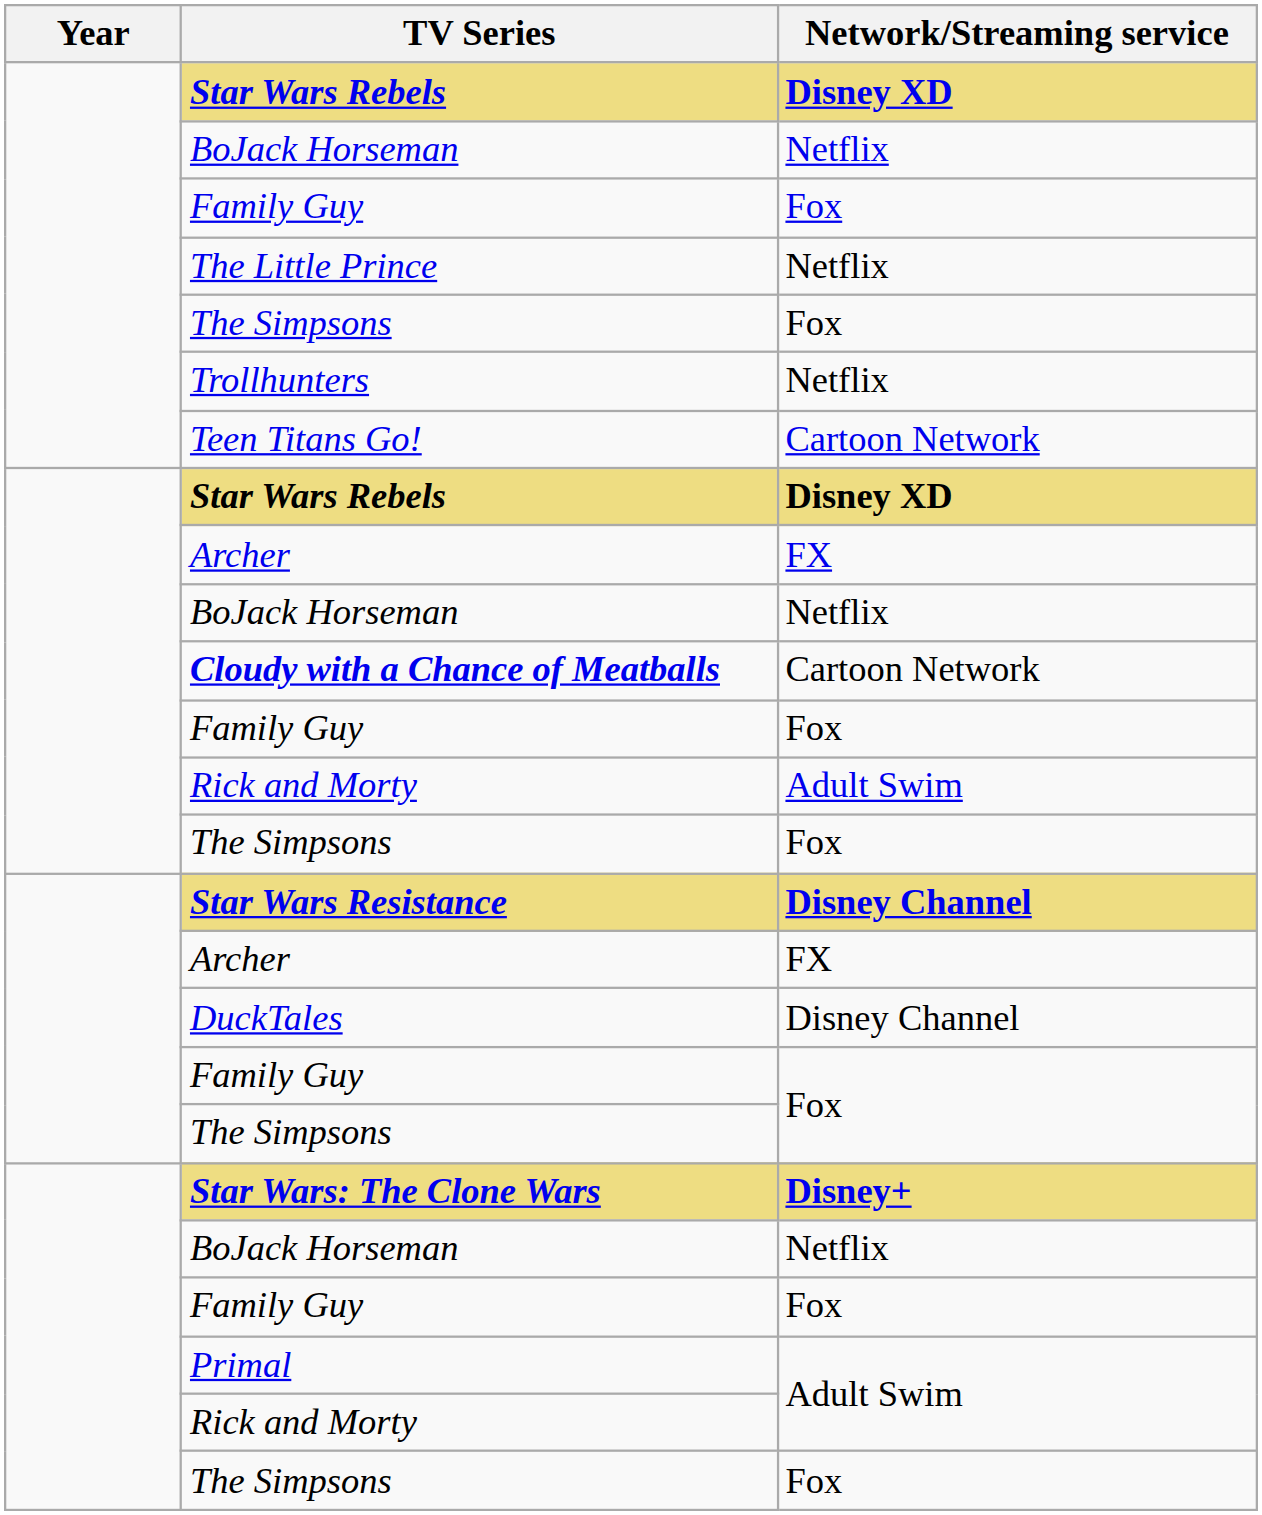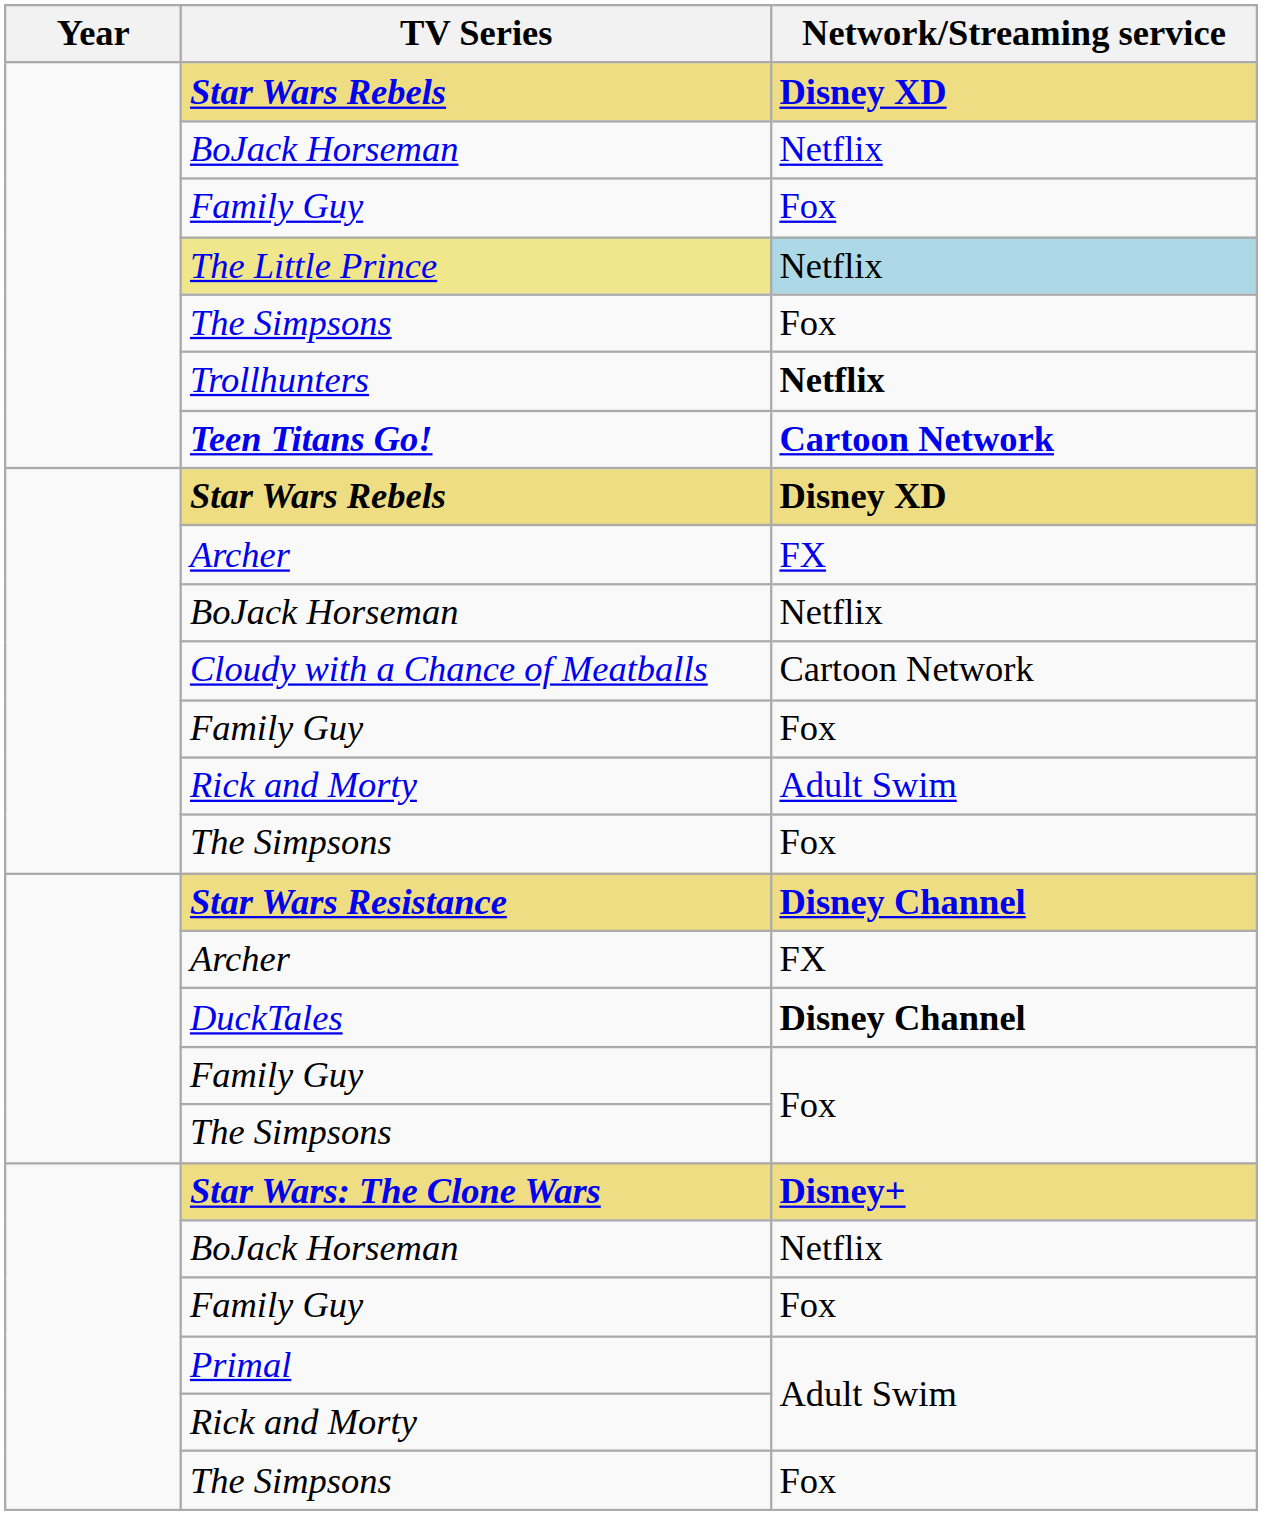 <table class="wikitable" style="width:550px;" cellpadding="5">
 <tr>
 <th style="width:70px;">Year</th>
 <th>TV Series</th>
 <th>Network/Streaming service</th>
 </tr>
 <tr>
 <td rowspan="7"></td>
 <td style="background:#EEDD82"><strong><em><a href='#'>Star Wars Rebels</a></em></strong></td>
 <td style="background:#EEDD82"><strong><a href='#'>Disney XD</a></strong></td>
 </tr>
 <tr>
 <td><em><a href='#'>BoJack Horseman</a></em></td>
 <td><a href='#'>Netflix</a></td>
 </tr>
 <tr>
 <td><em><a href='#'>Family Guy</a></em></td>
 <td><a href='#'>Fox</a></td>
 </tr>
 <tr>
-<td><em><a href='#'>The Little Prince</a></em></td>
-<td>Netflix</td>
+<td style="background: khaki;"><em><a href='#'>The Little Prince</a></em></td>
+<td style="background: lightblue;">Netflix</td>
 </tr>
 <tr>
 <td><em><a href='#'>The Simpsons</a></em></td>
 <td>Fox</td>
 </tr>
 <tr>
 <td><em><a href='#'>Trollhunters</a></em></td>
-<td>Netflix</td>
+<td><strong>Netflix</strong></td>
 </tr>
 <tr>
-<td><em><a href='#'>Teen Titans Go!</a></em></td>
-<td><a href='#'>Cartoon Network</a></td>
+<td><strong><em><a href='#'>Teen Titans Go!</a></em></strong></td>
+<td><strong><a href='#'>Cartoon Network</a></strong></td>
 </tr>
 <tr>
 <td rowspan="7"></td>
 <td style="background:#EEDD82"><strong><em>Star Wars Rebels</em></strong></td>
 <td style="background:#EEDD82"><strong>Disney XD</strong></td>
 </tr>
 <tr>
 <td><em><a href='#'>Archer</a></em></td>
 <td><a href='#'>FX</a></td>
 </tr>
 <tr>
 <td><em>BoJack Horseman</em></td>
 <td>Netflix</td>
 </tr>
 <tr>
-<td><strong><em><a href='#'>Cloudy with a Chance of Meatballs</a></em></strong></td>
+<td><em><a href='#'>Cloudy with a Chance of Meatballs</a></em></td>
 <td>Cartoon Network</td>
 </tr>
 <tr>
 <td><em>Family Guy</em></td>
 <td>Fox</td>
 </tr>
 <tr>
 <td><em><a href='#'>Rick and Morty</a></em></td>
 <td><a href='#'>Adult Swim</a></td>
 </tr>
 <tr>
 <td><em>The Simpsons</em></td>
 <td>Fox</td>
 </tr>
 <tr>
 <td rowspan="5"></td>
 <td style="background:#EEDD82"><strong><em><a href='#'>Star Wars Resistance</a></em></strong></td>
 <td style="background:#EEDD82"><strong><a href='#'>Disney Channel</a></strong></td>
 </tr>
 <tr>
 <td><em>Archer</em></td>
 <td>FX</td>
 </tr>
 <tr>
 <td><em><a href='#'>DuckTales</a></em></td>
-<td>Disney Channel</td>
+<td><strong>Disney Channel</strong></td>
 </tr>
 <tr>
 <td><em>Family Guy</em></td>
 <td rowspan="2">Fox</td>
 </tr>
 <tr>
 <td><em>The Simpsons</em></td>
 </tr>
 <tr>
 <td rowspan="6"></td>
 <td style="background:#EEDD82"><strong><em><a href='#'>Star Wars: The Clone Wars</a></em></strong></td>
 <td style="background:#EEDD82"><strong><a href='#'>Disney+</a></strong></td>
 </tr>
 <tr>
 <td><em>BoJack Horseman</em></td>
 <td>Netflix</td>
 </tr>
 <tr>
 <td><em>Family Guy</em></td>
 <td>Fox</td>
 </tr>
 <tr>
 <td><em><a href='#'>Primal</a></em></td>
 <td rowspan="2">Adult Swim</td>
 </tr>
 <tr>
 <td><em>Rick and Morty</em></td>
 </tr>
 <tr>
 <td><em>The Simpsons</em></td>
 <td>Fox</td>
 </tr>
 </table>
